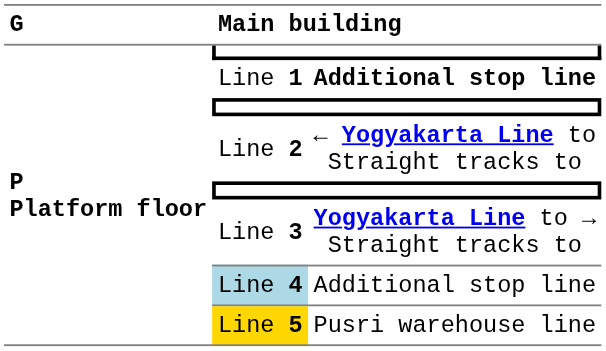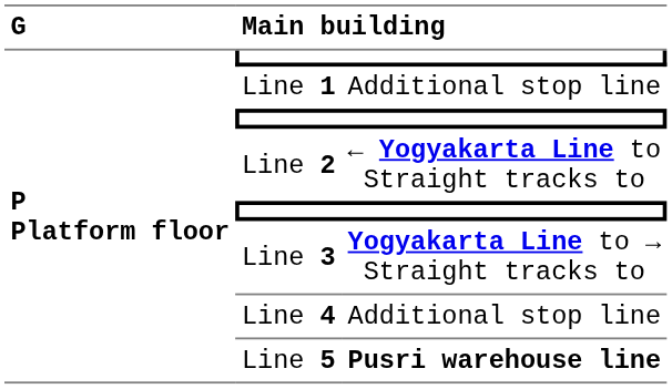 <table cellspacing="0" cellpadding="3">
 <tr>
 <td style="border-top:solid 1px gray;border-bottom:solid 1px gray;"><strong>G</strong></td>
 <td colspan="2" style="border-top:solid 1px gray;border-bottom:solid 1px gray;"><strong>Main building</strong></td>
 </tr>
 <tr>
 <td rowspan="8" style="border-bottom:solid 1px gray;"><strong>P</strong><br><strong>Platform floor</strong></td>
 <td colspan="2" style="border-bottom:solid 2px black;border-left:solid 2px black;border-right:solid 2px black;text-align:center"></td>
 </tr>
 <tr>
 <td>Line <strong>1</strong></td>
-<td style="text-align:center"><strong>Additional stop line</strong></td>
+<td style="text-align:center">Additional stop line</td>
 </tr>
 <tr>
 <td colspan="2" style="border-top:solid 2px black;border-bottom:solid 2px black;border-left:solid 2px black;border-right:solid 2px black;text-align:center"></td>
 </tr>
 <tr>
 <td>Line <strong>2</strong></td>
 <td style="text-align:center">←   <strong><a href='#'>Yogyakarta Line</a></strong> to <br>Straight tracks to </td>
 </tr>
 <tr>
 <td colspan="2" style="border-top:solid 2px black;border-bottom:solid 2px black;border-left:solid 2px black;border-right:solid 2px black;text-align:center"></td>
 </tr>
 <tr>
 <td>Line <strong>3</strong></td>
 <td style="text-align:center"> <strong><a href='#'>Yogyakarta Line</a></strong> to   →<br>Straight tracks to </td>
 </tr>
 <tr>
-<td style="background: lightblue; border-bottom:solid 1px gray;border-top:solid 1px gray;">Line <strong>4</strong></td>
+<td style="border-bottom:solid 1px gray;border-top:solid 1px gray;">Line <strong>4</strong></td>
 <td style="border-top:solid 1px gray;border-bottom:solid 1px gray;text-align:center">Additional stop line</td>
 </tr>
 <tr>
-<td style="background: gold; border-bottom:solid 1px gray;">Line <strong>5</strong></td>
-<td style="border-bottom:solid 1px gray;text-align:center">Pusri warehouse line</td>
+<td style="border-bottom:solid 1px gray;">Line <strong>5</strong></td>
+<td style="border-bottom:solid 1px gray;text-align:center"><strong>Pusri warehouse line</strong></td>
 </tr>
 <tr>
 </tr>
 </table>
